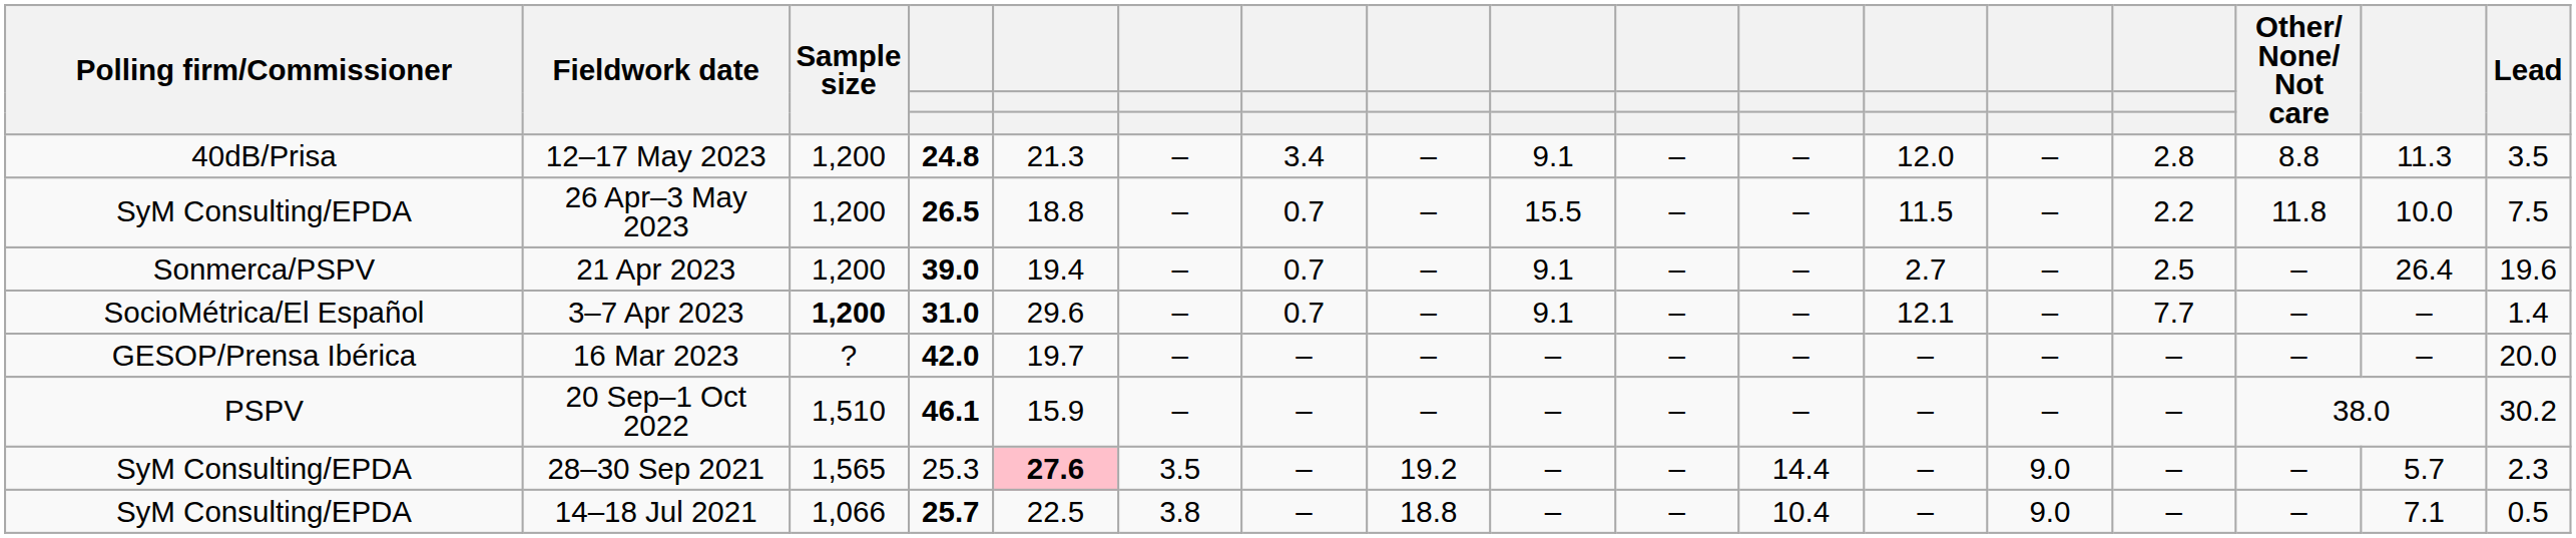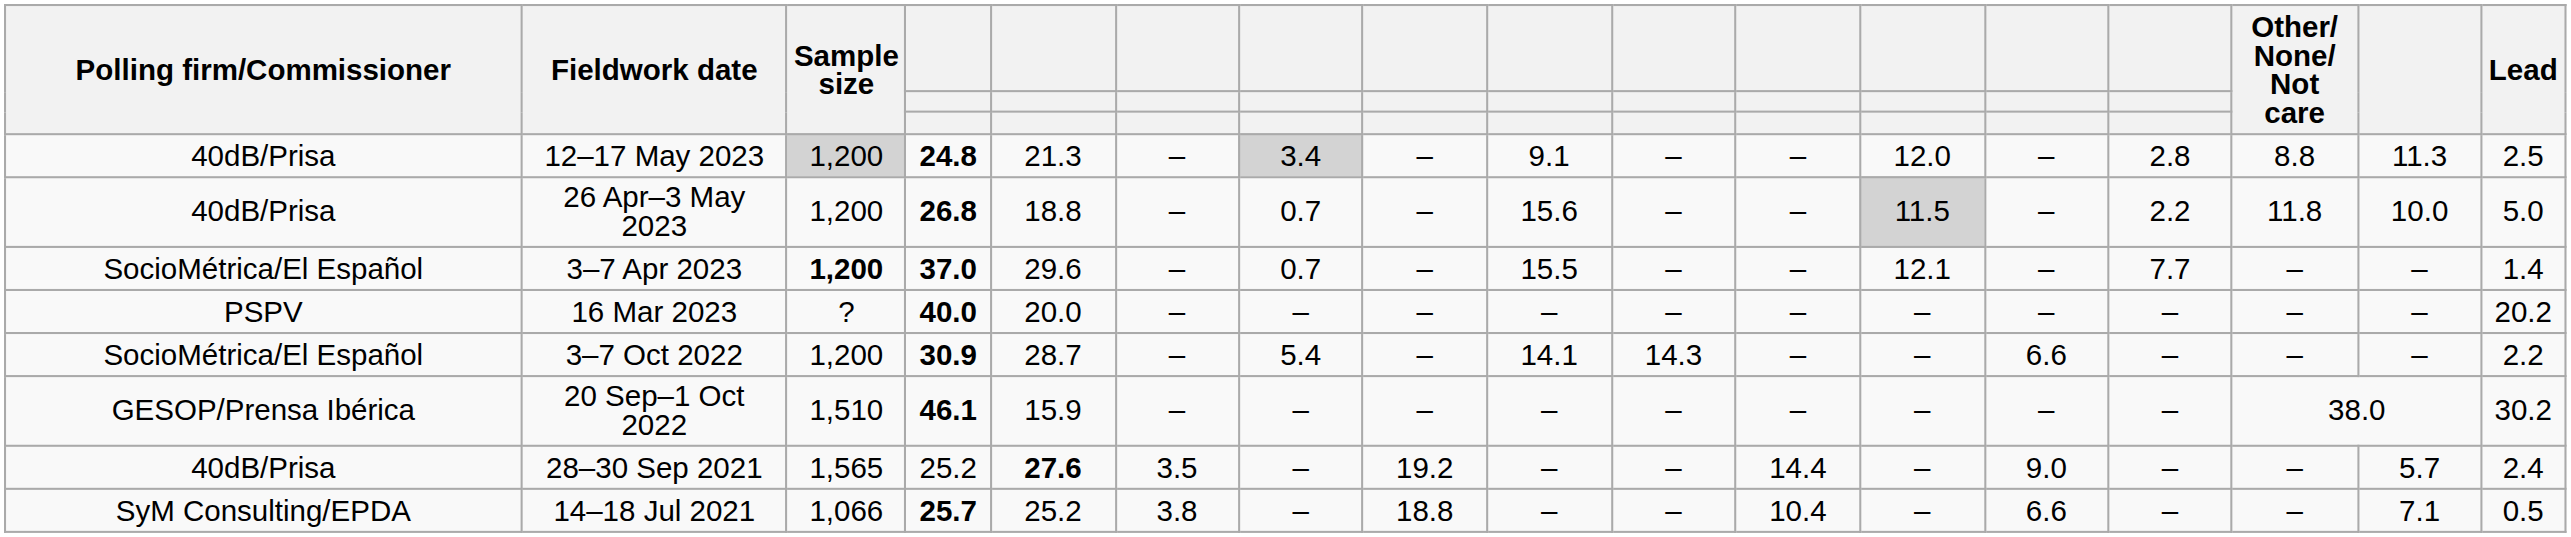 <table class="wikitable collapsible collapsed" style="text-align:center; font-size:90%; line-height:14px;">
 <tr style="height:42px;">
 <th style="width:250px;" rowspan="3">Polling firm/Commissioner</th>
 <th style="width:125px;" rowspan="3">Fieldwork date</th>
 <th style="width:50px;" rowspan="3">Sample size</th>
 <th style="width:35px;"></th>
 <th style="width:55px;"></th>
 <th style="width:55px;"></th>
 <th style="width:55px;"></th>
 <th style="width:55px;"></th>
 <th style="width:55px;"></th>
 <th style="width:55px;"></th>
 <th style="width:55px;"></th>
 <th style="width:55px;"></th>
 <th style="width:55px;"></th>
 <th style="width:55px;"></th>
 <th style="width:55px;" rowspan="3">Other/<br>None/<br>Not<br>care</th>
 <th style="width:55px;" rowspan="3"></th>
 <th style="width:30px;" rowspan="3">Lead</th>
 </tr>
 <tr>
 <th style="color:inherit;background:"></th>
 <th style="color:inherit;background:"></th>
 <th style="color:inherit;background:"></th>
 <th style="color:inherit;background:"></th>
 <th style="color:inherit;background:"></th>
 <th style="color:inherit;background:"></th>
 <th style="color:inherit;background:"></th>
 <th style="color:inherit;background:"></th>
 <th style="color:inherit;background:"></th>
 <th style="color:inherit;background:"></th>
 <th style="color:inherit;background:"></th>
 </tr>
 <tr>
 <th></th>
 <th></th>
 <th></th>
 <th></th>
 <th></th>
 <th></th>
 <th></th>
 <th></th>
 <th></th>
 <th></th>
 <th></th>
 </tr>
 <tr>
 <td>40dB/Prisa</td>
 <td>12–17 May 2023</td>
-<td>1,200</td>
+<td style="background: lightgrey;">1,200</td>
 <td><strong>24.8</strong></td>
 <td>21.3</td>
 <td>–</td>
-<td>3.4</td>
+<td style="background: lightgrey;">3.4</td>
 <td>–</td>
 <td>9.1</td>
 <td>–</td>
 <td>–</td>
 <td>12.0</td>
 <td>–</td>
 <td>2.8</td>
 <td>8.8</td>
 <td>11.3</td>
-<td style="background:">3.5</td>
+<td style="background:">2.5</td>
 </tr>
 <tr>
-<td>SyM Consulting/EPDA</td>
+<td>40dB/Prisa</td>
 <td>26 Apr–3 May 2023</td>
 <td>1,200</td>
-<td><strong>26.5</strong></td>
+<td><strong>26.8</strong></td>
 <td>18.8</td>
 <td>–</td>
 <td>0.7</td>
 <td>–</td>
-<td>15.5</td>
+<td>15.6</td>
 <td>–</td>
 <td>–</td>
-<td>11.5</td>
+<td style="background: lightgrey;">11.5</td>
 <td>–</td>
 <td>2.2</td>
 <td>11.8</td>
 <td>10.0</td>
-<td style="background:">7.5</td>
-</tr>
-<tr>
-<td>Sonmerca/PSPV</td>
-<td>21 Apr 2023</td>
-<td>1,200</td>
-<td><strong>39.0</strong></td>
-<td>19.4</td>
-<td>–</td>
-<td>0.7</td>
-<td>–</td>
-<td>9.1</td>
-<td>–</td>
-<td>–</td>
-<td>2.7</td>
-<td>–</td>
-<td>2.5</td>
-<td>–</td>
-<td>26.4</td>
-<td style="background:">19.6</td>
+<td style="background:">5.0</td>
 </tr>
 <tr>
 <td>SocioMétrica/El Español</td>
 <td>3–7 Apr 2023</td>
 <td><strong>1,200</strong></td>
-<td><strong>31.0</strong></td>
+<td><strong>37.0</strong></td>
 <td>29.6</td>
 <td>–</td>
 <td>0.7</td>
 <td>–</td>
-<td>9.1</td>
+<td>15.5</td>
 <td>–</td>
 <td>–</td>
 <td>12.1</td>
 <td>–</td>
 <td>7.7</td>
 <td>–</td>
 <td>–</td>
 <td style="background:">1.4</td>
 </tr>
 <tr>
-<td>GESOP/Prensa Ibérica</td>
+<td>PSPV</td>
 <td>16 Mar 2023</td>
 <td>?</td>
-<td><strong>42.0</strong></td>
-<td>19.7</td>
+<td><strong>40.0</strong></td>
+<td>20.0</td>
 <td>–</td>
 <td>–</td>
 <td>–</td>
 <td>–</td>
 <td>–</td>
 <td>–</td>
 <td>–</td>
 <td>–</td>
 <td>–</td>
 <td>–</td>
 <td>–</td>
-<td style="background:">20.0</td>
+<td style="background:">20.2</td>
 </tr>
 <tr>
-<td>PSPV</td>
+<td>SocioMétrica/El Español</td>
+<td>3–7 Oct 2022</td>
+<td>1,200</td>
+<td><strong>30.9</strong></td>
+<td>28.7</td>
+<td>–</td>
+<td>5.4</td>
+<td>–</td>
+<td>14.1</td>
+<td>14.3</td>
+<td>–</td>
+<td>–</td>
+<td>6.6</td>
+<td>–</td>
+<td>–</td>
+<td>–</td>
+<td style="background:">2.2</td>
+</tr>
+<tr>
+<td>GESOP/Prensa Ibérica</td>
 <td>20 Sep–1 Oct 2022</td>
 <td>1,510</td>
 <td><strong>46.1</strong></td>
 <td>15.9</td>
 <td>–</td>
 <td>–</td>
 <td>–</td>
 <td>–</td>
 <td>–</td>
 <td>–</td>
 <td>–</td>
 <td>–</td>
 <td>–</td>
 <td colspan="2">38.0</td>
 <td style="background:">30.2</td>
 </tr>
 <tr>
-<td>SyM Consulting/EPDA</td>
+<td>40dB/Prisa</td>
 <td>28–30 Sep 2021</td>
 <td>1,565</td>
-<td>25.3</td>
-<td style="background: pink;"><strong>27.6</strong></td>
+<td>25.2</td>
+<td><strong>27.6</strong></td>
 <td>3.5</td>
 <td>–</td>
 <td>19.2</td>
 <td>–</td>
 <td>–</td>
 <td>14.4</td>
 <td>–</td>
 <td>9.0</td>
 <td>–</td>
 <td>–</td>
 <td>5.7</td>
-<td style="background:">2.3</td>
+<td style="background:">2.4</td>
 </tr>
 <tr>
 <td>SyM Consulting/EPDA</td>
 <td>14–18 Jul 2021</td>
 <td>1,066</td>
 <td><strong>25.7</strong></td>
-<td>22.5</td>
+<td>25.2</td>
 <td>3.8</td>
 <td>–</td>
 <td>18.8</td>
 <td>–</td>
 <td>–</td>
 <td>10.4</td>
 <td>–</td>
-<td>9.0</td>
+<td>6.6</td>
 <td>–</td>
 <td>–</td>
 <td>7.1</td>
 <td style="background:">0.5</td>
 </tr>
 </table>
